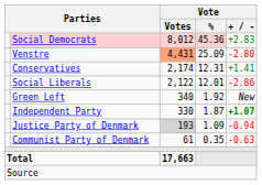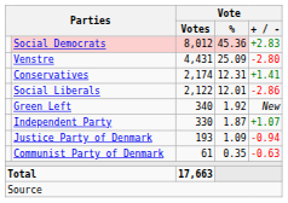 <table class="wikitable" style="text-align:right;">
 <tr>
 <th style="text-align:centre;" rowspan="2" colspan="2" width="225">Parties</th>
 <th colspan="3">Vote</th>
 </tr>
 <tr>
 <th width="15">Votes</th>
 <th width="15">%</th>
 <th width="15">+ / -</th>
 </tr>
 <tr>
 <td width="2" style="color:inherit;background:"></td>
 <td bgcolor=#fbd0ce  align="left"><a href='#'>Social Democrats</a></td>
 <td bgcolor=#fbd0ce>8,012</td>
 <td bgcolor=#fbd0ce>45.36</td>
 <td style=color:green;>+2.83</td>
 </tr>
 <tr>
 <td width="2" style="color:inherit;background:"></td>
 <td align="left"><a href='#'>Venstre</a></td>
-<td style="background: lightsalmon;">4,431</td>
+<td>4,431</td>
 <td>25.09</td>
 <td style=color:red;>-2.80</td>
 </tr>
 <tr>
 <td width="2" style="color:inherit;background:"></td>
 <td align="left"><a href='#'>Conservatives</a></td>
 <td>2,174</td>
 <td>12.31</td>
 <td style=color:green;>+1.41</td>
 </tr>
 <tr>
 <td width="2" style="color:inherit;background:"></td>
 <td align="left"><a href='#'>Social Liberals</a></td>
 <td>2,122</td>
 <td>12.01</td>
 <td style=color:red;>-2.86</td>
 </tr>
 <tr>
 <td width="2" style="color:inherit;background:"></td>
 <td align="left"><a href='#'>Green Left</a></td>
 <td>340</td>
 <td>1.92</td>
 <td><em>New</em></td>
 </tr>
 <tr>
 <td width="2" style="color:inherit;background:"></td>
 <td align="left"><a href='#'>Independent Party</a></td>
 <td>330</td>
 <td>1.87</td>
-<td style=color:green;><strong>+1.07</strong></td>
+<td style=color:green;>+1.07</td>
 </tr>
 <tr>
 <td width="2" style="color:inherit;background:"></td>
 <td align="left"><a href='#'>Justice Party of Denmark</a></td>
-<td style="background: lightgrey;">193</td>
+<td>193</td>
 <td>1.09</td>
 <td style=color:red;>-0.94</td>
 </tr>
 <tr>
 <td width="2" style="color:inherit;background:"></td>
 <td align="left"><a href='#'>Communist Party of Denmark</a></td>
 <td>61</td>
 <td>0.35</td>
 <td style=color:red;>-0.63</td>
 </tr>
 <tr>
 <td colspan="7" bgcolor="#E9E9E9"></td>
 </tr>
 <tr>
 <td align="left" colspan="2"><strong>Total</strong></td>
 <td><strong>17,663</strong></td>
 <td bgcolor="#E9E9E9" colspan="2"></td>
 </tr>
 <tr>
 <td align="left" colspan="6">Source</td>
 </tr>
 </table>
